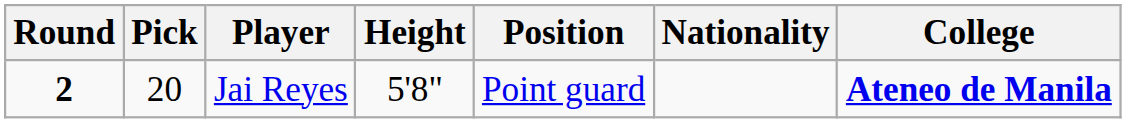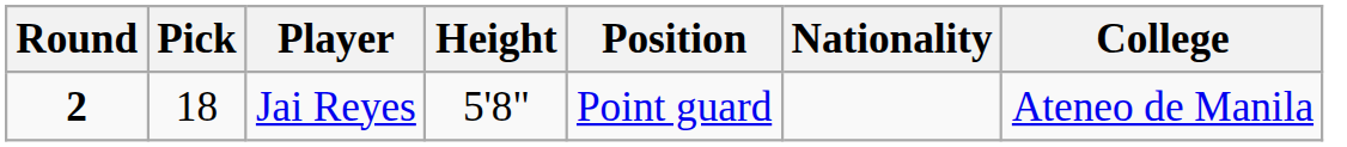 <table class="wikitable sortable sortable">
 <tr>
 <th>Round</th>
 <th>Pick</th>
 <th>Player</th>
 <th>Height</th>
 <th>Position</th>
 <th>Nationality</th>
 <th>College</th>
 </tr>
 <tr style="text-align: center">
 <td><strong>2</strong></td>
-<td>20</td>
+<td>18</td>
 <td><a href='#'>Jai Reyes</a></td>
 <td>5'8"</td>
 <td><a href='#'>Point guard</a></td>
 <td></td>
-<td><strong><a href='#'>Ateneo de Manila</a></strong></td>
+<td><a href='#'>Ateneo de Manila</a></td>
 </tr>
 </table>
